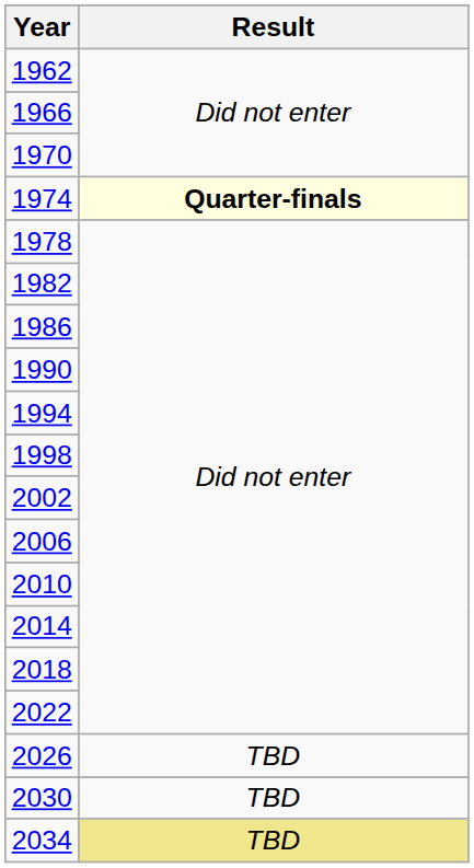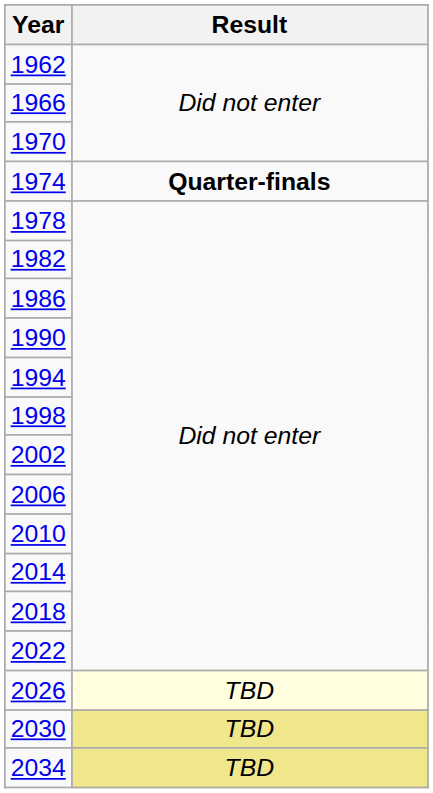 <table class="wikitable" style="text-align: center; font-size:90%">
 <tr>
 <th>Year</th>
 <th style="width:200px">Result</th>
 </tr>
 <tr>
 <td> <a href='#'>1962</a></td>
 <td rowspan="3"><em>Did not enter</em></td>
 </tr>
 <tr>
 <td> <a href='#'>1966</a></td>
 </tr>
 <tr>
 <td> <a href='#'>1970</a></td>
 </tr>
 <tr>
 <td> <a href='#'>1974</a></td>
-<td style="background: lightyellow;"><strong>Quarter-finals</strong></td>
+<td><strong>Quarter-finals</strong></td>
 </tr>
 <tr>
 <td> <a href='#'>1978</a></td>
 <td rowspan="12"><em>Did not enter</em></td>
 </tr>
 <tr>
 <td> <a href='#'>1982</a></td>
 </tr>
 <tr>
 <td> <a href='#'>1986</a></td>
 </tr>
 <tr>
 <td> <a href='#'>1990</a></td>
 </tr>
 <tr>
 <td> <a href='#'>1994</a></td>
 </tr>
 <tr>
 <td> <a href='#'>1998</a></td>
 </tr>
 <tr>
 <td> <a href='#'>2002</a></td>
 </tr>
 <tr>
 <td> <a href='#'>2006</a></td>
 </tr>
 <tr>
 <td> <a href='#'>2010</a></td>
 </tr>
 <tr>
 <td> <a href='#'>2014</a></td>
 </tr>
 <tr>
 <td> <a href='#'>2018</a></td>
 </tr>
 <tr>
 <td> <a href='#'>2022</a></td>
 </tr>
 <tr>
 <td> <a href='#'>2026</a></td>
-<td><em>TBD</em></td>
+<td style="background: lightyellow;"><em>TBD</em></td>
 </tr>
 <tr>
 <td> <a href='#'>2030</a></td>
-<td><em>TBD</em></td>
+<td style="background: khaki;"><em>TBD</em></td>
 </tr>
 <tr>
 <td> <a href='#'>2034</a></td>
 <td style="background: khaki;"><em>TBD</em></td>
 </tr>
 </table>
